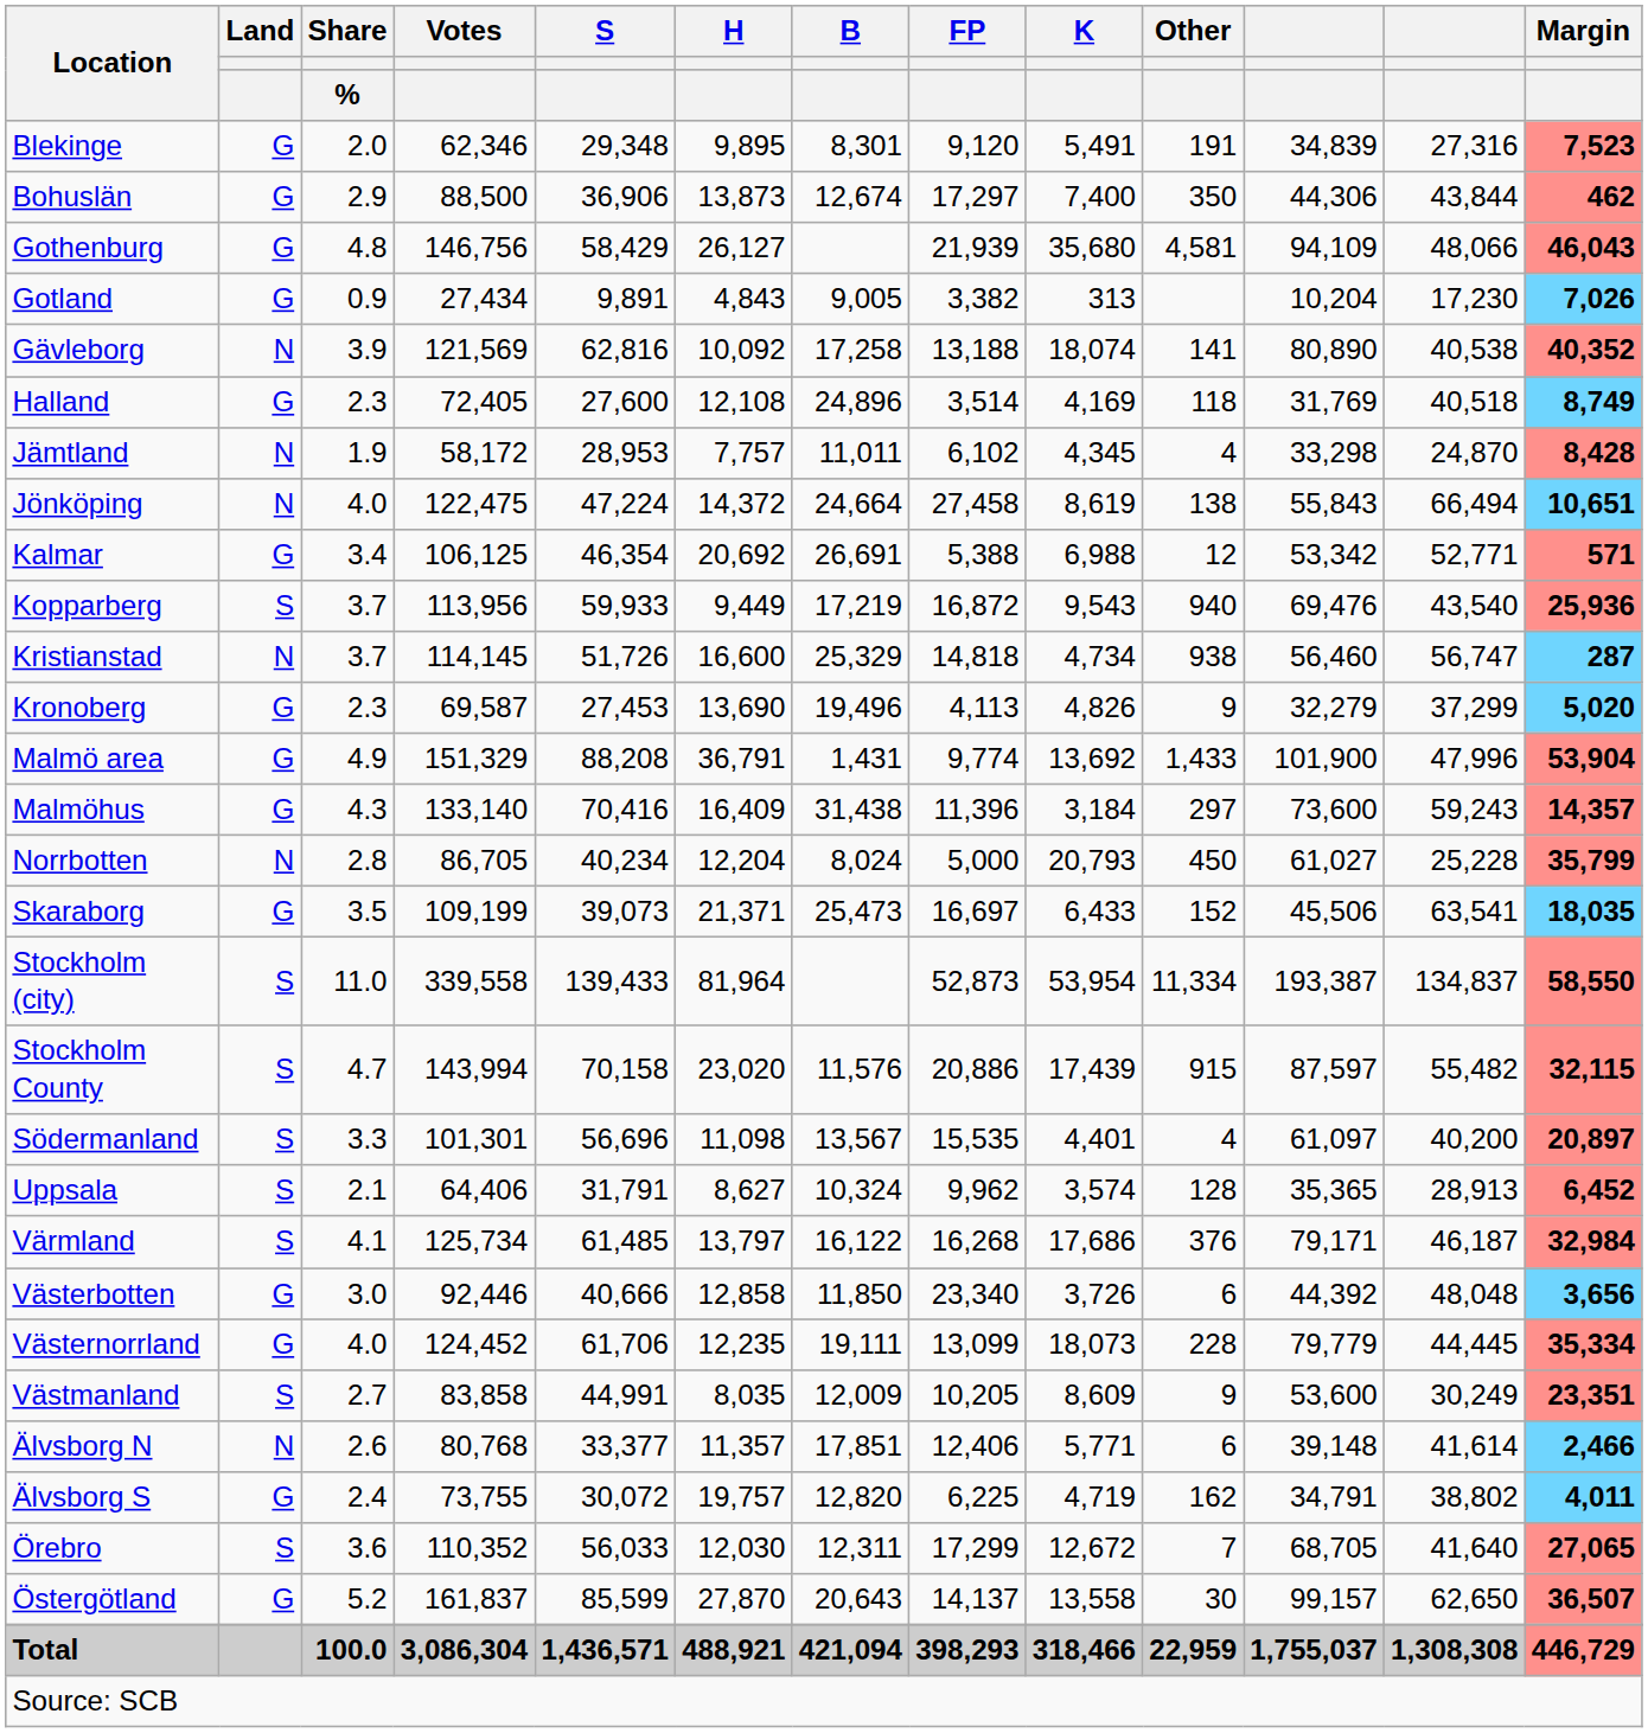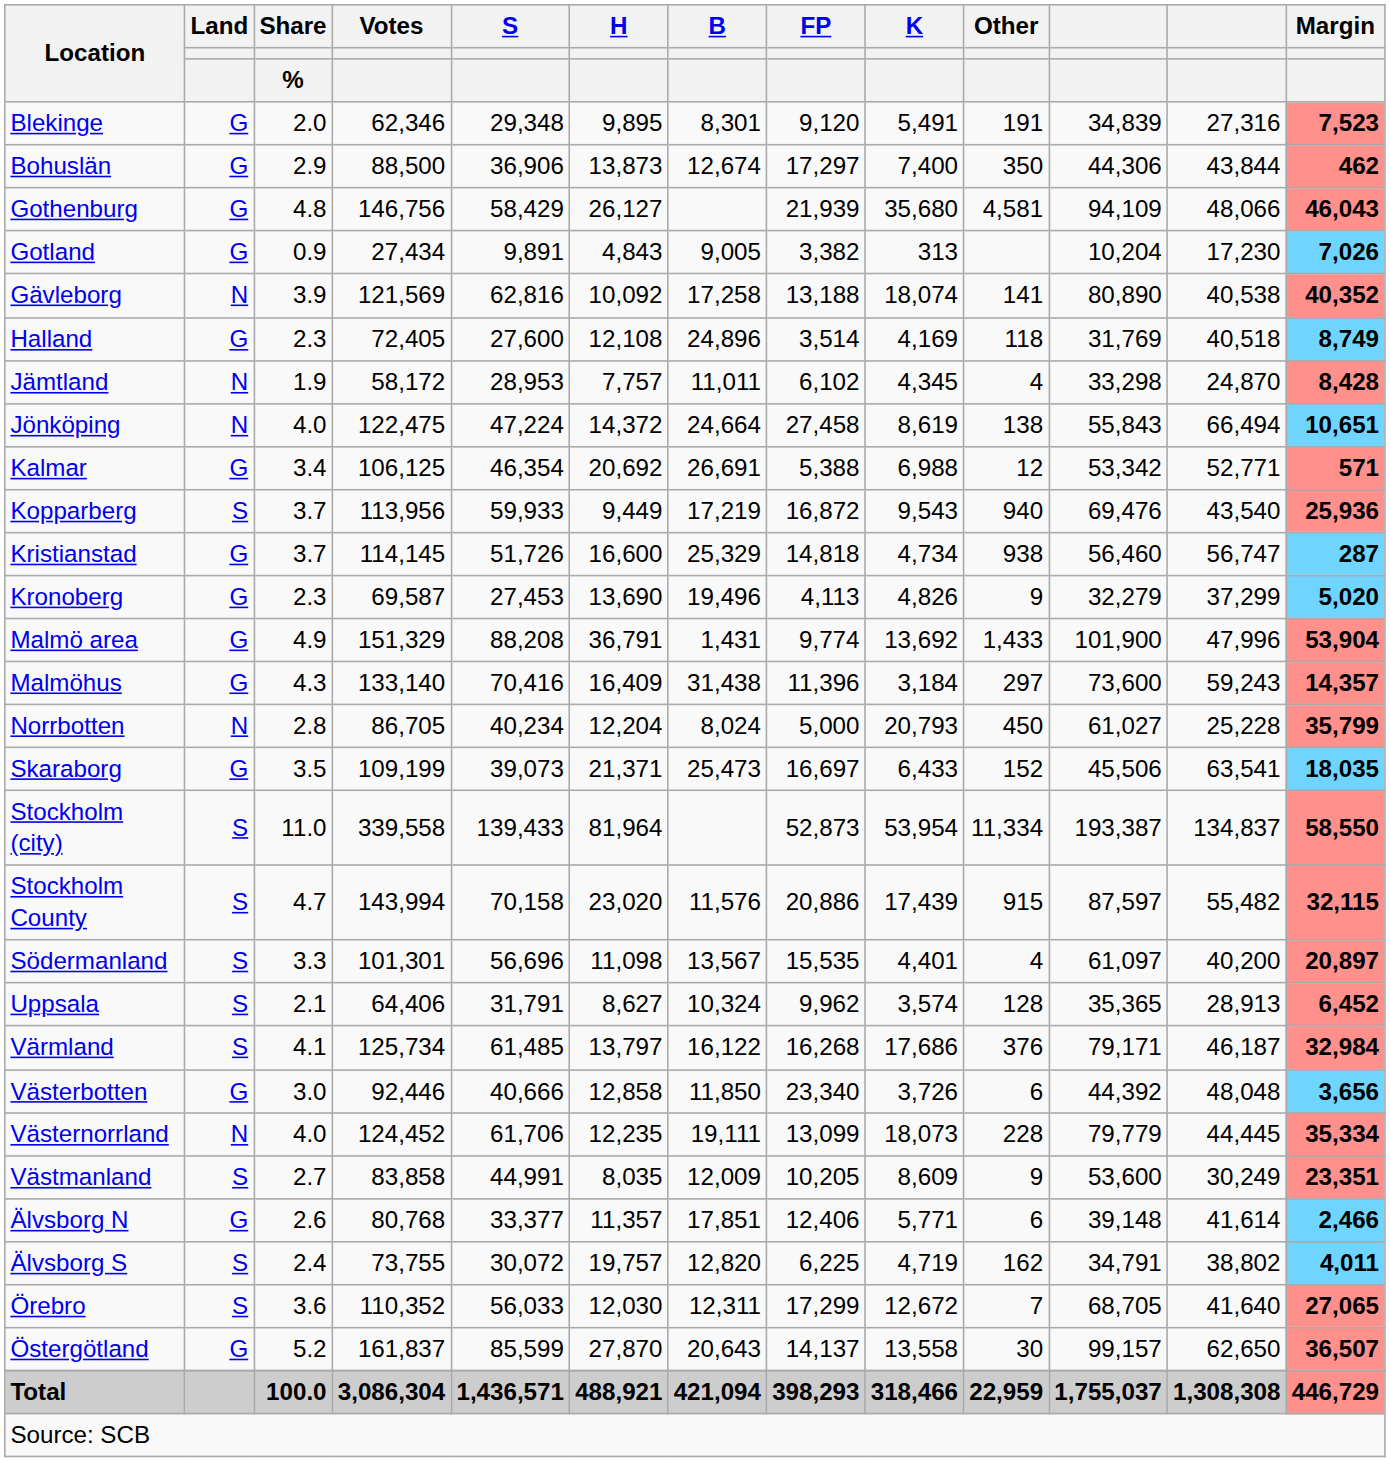 <table class="wikitable sortable" style="text-align:right; font-size:95%; line-height:20px;">
 <tr>
 <th rowspan="3">Location</th>
 <th>Land</th>
 <th>Share</th>
 <th>Votes</th>
 <th width="30px" class="unsortable"><a href='#'>S</a></th>
 <th width="30px" class="unsortable"><a href='#'>H</a></th>
 <th width="30px" class="unsortable"><a href='#'>B</a></th>
 <th width="30px" class="unsortable"><a href='#'>FP</a></th>
 <th width="30px" class="unsortable"><a href='#'>K</a></th>
 <th width="30px" class="unsortable">Other</th>
 <th></th>
 <th></th>
 <th>Margin</th>
 </tr>
 <tr>
 <th></th>
 <th></th>
 <th></th>
 <th style="background:"></th>
 <th style="background:"></th>
 <th style="background:"></th>
 <th style="background:"></th>
 <th style="background:"></th>
 <th style="background:"></th>
 <th style="background:"></th>
 <th style="background:"></th>
 <th></th>
 </tr>
 <tr>
 <th></th>
 <th data-sort-type="number">%</th>
 <th></th>
 <th data-sort-type="number"></th>
 <th data-sort-type="number"></th>
 <th data-sort-type="number"></th>
 <th data-sort-type="number"></th>
 <th data-sort-type="number"></th>
 <th data-sort-type="number"></th>
 <th data-sort-type="number"></th>
 <th data-sort-type="number"></th>
 <th></th>
 </tr>
 <tr>
 <td align=left><a href='#'>Blekinge</a></td>
 <td><a href='#'>G</a></td>
 <td>2.0</td>
 <td>62,346</td>
 <td>29,348</td>
 <td>9,895</td>
 <td>8,301</td>
 <td>9,120</td>
 <td>5,491</td>
 <td>191</td>
 <td>34,839</td>
 <td>27,316</td>
 <td bgcolor=#ff908c><strong>7,523</strong></td>
 </tr>
 <tr>
 <td align=left><a href='#'>Bohuslän</a></td>
 <td><a href='#'>G</a></td>
 <td>2.9</td>
 <td>88,500</td>
 <td>36,906</td>
 <td>13,873</td>
 <td>12,674</td>
 <td>17,297</td>
 <td>7,400</td>
 <td>350</td>
 <td>44,306</td>
 <td>43,844</td>
 <td bgcolor=#ff908c><strong>462</strong></td>
 </tr>
 <tr>
 <td align=left><a href='#'>Gothenburg</a></td>
 <td><a href='#'>G</a></td>
 <td>4.8</td>
 <td>146,756</td>
 <td>58,429</td>
 <td>26,127</td>
 <td></td>
 <td>21,939</td>
 <td>35,680</td>
 <td>4,581</td>
 <td>94,109</td>
 <td>48,066</td>
 <td bgcolor=#ff908c><strong>46,043</strong></td>
 </tr>
 <tr>
 <td align=left><a href='#'>Gotland</a></td>
 <td><a href='#'>G</a></td>
 <td>0.9</td>
 <td>27,434</td>
 <td>9,891</td>
 <td>4,843</td>
 <td>9,005</td>
 <td>3,382</td>
 <td>313</td>
 <td></td>
 <td>10,204</td>
 <td>17,230</td>
 <td bgcolor=#6fd5fe><strong>7,026</strong></td>
 </tr>
 <tr>
 <td align=left><a href='#'>Gävleborg</a></td>
 <td><a href='#'>N</a></td>
 <td>3.9</td>
 <td>121,569</td>
 <td>62,816</td>
 <td>10,092</td>
 <td>17,258</td>
 <td>13,188</td>
 <td>18,074</td>
 <td>141</td>
 <td>80,890</td>
 <td>40,538</td>
 <td bgcolor=#ff908c><strong>40,352</strong></td>
 </tr>
 <tr>
 <td align=left><a href='#'>Halland</a></td>
 <td><a href='#'>G</a></td>
 <td>2.3</td>
 <td>72,405</td>
 <td>27,600</td>
 <td>12,108</td>
 <td>24,896</td>
 <td>3,514</td>
 <td>4,169</td>
 <td>118</td>
 <td>31,769</td>
 <td>40,518</td>
 <td bgcolor=#6fd5fe><strong>8,749</strong></td>
 </tr>
 <tr>
 <td align=left><a href='#'>Jämtland</a></td>
 <td><a href='#'>N</a></td>
 <td>1.9</td>
 <td>58,172</td>
 <td>28,953</td>
 <td>7,757</td>
 <td>11,011</td>
 <td>6,102</td>
 <td>4,345</td>
 <td>4</td>
 <td>33,298</td>
 <td>24,870</td>
 <td bgcolor=#ff908c><strong>8,428</strong></td>
 </tr>
 <tr>
 <td align=left><a href='#'>Jönköping</a></td>
 <td><a href='#'>N</a></td>
 <td>4.0</td>
 <td>122,475</td>
 <td>47,224</td>
 <td>14,372</td>
 <td>24,664</td>
 <td>27,458</td>
 <td>8,619</td>
 <td>138</td>
 <td>55,843</td>
 <td>66,494</td>
 <td bgcolor=#6fd5fe><strong>10,651</strong></td>
 </tr>
 <tr>
 <td align=left><a href='#'>Kalmar</a></td>
 <td><a href='#'>G</a></td>
 <td>3.4</td>
 <td>106,125</td>
 <td>46,354</td>
 <td>20,692</td>
 <td>26,691</td>
 <td>5,388</td>
 <td>6,988</td>
 <td>12</td>
 <td>53,342</td>
 <td>52,771</td>
 <td bgcolor=#ff908c><strong>571</strong></td>
 </tr>
 <tr>
 <td align=left><a href='#'>Kopparberg</a></td>
 <td><a href='#'>S</a></td>
 <td>3.7</td>
 <td>113,956</td>
 <td>59,933</td>
 <td>9,449</td>
 <td>17,219</td>
 <td>16,872</td>
 <td>9,543</td>
 <td>940</td>
 <td>69,476</td>
 <td>43,540</td>
 <td bgcolor=#ff908c><strong>25,936</strong></td>
 </tr>
 <tr>
 <td align=left><a href='#'>Kristianstad</a></td>
-<td><a href='#'>N</a></td>
+<td><a href='#'>G</a></td>
 <td>3.7</td>
 <td>114,145</td>
 <td>51,726</td>
 <td>16,600</td>
 <td>25,329</td>
 <td>14,818</td>
 <td>4,734</td>
 <td>938</td>
 <td>56,460</td>
 <td>56,747</td>
 <td bgcolor=#6fd5fe><strong>287</strong></td>
 </tr>
 <tr>
 <td align=left><a href='#'>Kronoberg</a></td>
 <td><a href='#'>G</a></td>
 <td>2.3</td>
 <td>69,587</td>
 <td>27,453</td>
 <td>13,690</td>
 <td>19,496</td>
 <td>4,113</td>
 <td>4,826</td>
 <td>9</td>
 <td>32,279</td>
 <td>37,299</td>
 <td bgcolor=#6fd5fe><strong>5,020</strong></td>
 </tr>
 <tr>
 <td align=left><a href='#'>Malmö area</a></td>
 <td><a href='#'>G</a></td>
 <td>4.9</td>
 <td>151,329</td>
 <td>88,208</td>
 <td>36,791</td>
 <td>1,431</td>
 <td>9,774</td>
 <td>13,692</td>
 <td>1,433</td>
 <td>101,900</td>
 <td>47,996</td>
 <td bgcolor=#ff908c><strong>53,904</strong></td>
 </tr>
 <tr>
 <td align=left><a href='#'>Malmöhus</a></td>
 <td><a href='#'>G</a></td>
 <td>4.3</td>
 <td>133,140</td>
 <td>70,416</td>
 <td>16,409</td>
 <td>31,438</td>
 <td>11,396</td>
 <td>3,184</td>
 <td>297</td>
 <td>73,600</td>
 <td>59,243</td>
 <td bgcolor=#ff908c><strong>14,357</strong></td>
 </tr>
 <tr>
 <td align=left><a href='#'>Norrbotten</a></td>
 <td><a href='#'>N</a></td>
 <td>2.8</td>
 <td>86,705</td>
 <td>40,234</td>
 <td>12,204</td>
 <td>8,024</td>
 <td>5,000</td>
 <td>20,793</td>
 <td>450</td>
 <td>61,027</td>
 <td>25,228</td>
 <td bgcolor=#ff908c><strong>35,799</strong></td>
 </tr>
 <tr>
 <td align=left><a href='#'>Skaraborg</a></td>
 <td><a href='#'>G</a></td>
 <td>3.5</td>
 <td>109,199</td>
 <td>39,073</td>
 <td>21,371</td>
 <td>25,473</td>
 <td>16,697</td>
 <td>6,433</td>
 <td>152</td>
 <td>45,506</td>
 <td>63,541</td>
 <td bgcolor=#6fd5fe><strong>18,035</strong></td>
 </tr>
 <tr>
 <td align=left><a href='#'>Stockholm (city)</a></td>
 <td><a href='#'>S</a></td>
 <td>11.0</td>
 <td>339,558</td>
 <td>139,433</td>
 <td>81,964</td>
 <td></td>
 <td>52,873</td>
 <td>53,954</td>
 <td>11,334</td>
 <td>193,387</td>
 <td>134,837</td>
 <td bgcolor=#ff908c><strong>58,550</strong></td>
 </tr>
 <tr>
 <td align=left><a href='#'>Stockholm County</a></td>
 <td><a href='#'>S</a></td>
 <td>4.7</td>
 <td>143,994</td>
 <td>70,158</td>
 <td>23,020</td>
 <td>11,576</td>
 <td>20,886</td>
 <td>17,439</td>
 <td>915</td>
 <td>87,597</td>
 <td>55,482</td>
 <td bgcolor=#ff908c><strong>32,115</strong></td>
 </tr>
 <tr>
 <td align=left><a href='#'>Södermanland</a></td>
 <td><a href='#'>S</a></td>
 <td>3.3</td>
 <td>101,301</td>
 <td>56,696</td>
 <td>11,098</td>
 <td>13,567</td>
 <td>15,535</td>
 <td>4,401</td>
 <td>4</td>
 <td>61,097</td>
 <td>40,200</td>
 <td bgcolor=#ff908c><strong>20,897</strong></td>
 </tr>
 <tr>
 <td align=left><a href='#'>Uppsala</a></td>
 <td><a href='#'>S</a></td>
 <td>2.1</td>
 <td>64,406</td>
 <td>31,791</td>
 <td>8,627</td>
 <td>10,324</td>
 <td>9,962</td>
 <td>3,574</td>
 <td>128</td>
 <td>35,365</td>
 <td>28,913</td>
 <td bgcolor=#ff908c><strong>6,452</strong></td>
 </tr>
 <tr>
 <td align=left><a href='#'>Värmland</a></td>
 <td><a href='#'>S</a></td>
 <td>4.1</td>
 <td>125,734</td>
 <td>61,485</td>
 <td>13,797</td>
 <td>16,122</td>
 <td>16,268</td>
 <td>17,686</td>
 <td>376</td>
 <td>79,171</td>
 <td>46,187</td>
 <td bgcolor=#ff908c><strong>32,984</strong></td>
 </tr>
 <tr>
 <td align=left><a href='#'>Västerbotten</a></td>
 <td><a href='#'>G</a></td>
 <td>3.0</td>
 <td>92,446</td>
 <td>40,666</td>
 <td>12,858</td>
 <td>11,850</td>
 <td>23,340</td>
 <td>3,726</td>
 <td>6</td>
 <td>44,392</td>
 <td>48,048</td>
 <td bgcolor=#6fd5fe><strong>3,656</strong></td>
 </tr>
 <tr>
 <td align=left><a href='#'>Västernorrland</a></td>
-<td><a href='#'>G</a></td>
+<td><a href='#'>N</a></td>
 <td>4.0</td>
 <td>124,452</td>
 <td>61,706</td>
 <td>12,235</td>
 <td>19,111</td>
 <td>13,099</td>
 <td>18,073</td>
 <td>228</td>
 <td>79,779</td>
 <td>44,445</td>
 <td bgcolor=#ff908c><strong>35,334</strong></td>
 </tr>
 <tr>
 <td align=left><a href='#'>Västmanland</a></td>
 <td><a href='#'>S</a></td>
 <td>2.7</td>
 <td>83,858</td>
 <td>44,991</td>
 <td>8,035</td>
 <td>12,009</td>
 <td>10,205</td>
 <td>8,609</td>
 <td>9</td>
 <td>53,600</td>
 <td>30,249</td>
 <td bgcolor=#ff908c><strong>23,351</strong></td>
 </tr>
 <tr>
 <td align=left><a href='#'>Älvsborg N</a></td>
-<td><a href='#'>N</a></td>
+<td><a href='#'>G</a></td>
 <td>2.6</td>
 <td>80,768</td>
 <td>33,377</td>
 <td>11,357</td>
 <td>17,851</td>
 <td>12,406</td>
 <td>5,771</td>
 <td>6</td>
 <td>39,148</td>
 <td>41,614</td>
 <td bgcolor=#6fd5fe><strong>2,466</strong></td>
 </tr>
 <tr>
 <td align=left><a href='#'>Älvsborg S</a></td>
-<td><a href='#'>G</a></td>
+<td><a href='#'>S</a></td>
 <td>2.4</td>
 <td>73,755</td>
 <td>30,072</td>
 <td>19,757</td>
 <td>12,820</td>
 <td>6,225</td>
 <td>4,719</td>
 <td>162</td>
 <td>34,791</td>
 <td>38,802</td>
 <td bgcolor=#6fd5fe><strong>4,011</strong></td>
 </tr>
 <tr>
 <td align=left><a href='#'>Örebro</a></td>
 <td><a href='#'>S</a></td>
 <td>3.6</td>
 <td>110,352</td>
 <td>56,033</td>
 <td>12,030</td>
 <td>12,311</td>
 <td>17,299</td>
 <td>12,672</td>
 <td>7</td>
 <td>68,705</td>
 <td>41,640</td>
 <td bgcolor=#ff908c><strong>27,065</strong></td>
 </tr>
 <tr>
 <td align=left><a href='#'>Östergötland</a></td>
 <td><a href='#'>G</a></td>
 <td>5.2</td>
 <td>161,837</td>
 <td>85,599</td>
 <td>27,870</td>
 <td>20,643</td>
 <td>14,137</td>
 <td>13,558</td>
 <td>30</td>
 <td>99,157</td>
 <td>62,650</td>
 <td bgcolor=#ff908c><strong>36,507</strong></td>
 </tr>
 <tr>
 </tr>
 <tr style="background:#CDCDCD;">
 <td align=left><strong>Total</strong></td>
 <td></td>
 <td><strong>100.0</strong></td>
 <td><strong>3,086,304</strong></td>
 <td><strong>1,436,571</strong></td>
 <td><strong>488,921</strong></td>
 <td><strong>421,094</strong></td>
 <td><strong>398,293</strong></td>
 <td><strong>318,466</strong></td>
 <td><strong>22,959</strong></td>
 <td><strong>1,755,037</strong></td>
 <td><strong>1,308,308</strong></td>
 <td bgcolor=#ff908c><strong>446,729</strong></td>
 </tr>
 <tr>
 <td align=left colspan=14>Source: SCB </td>
 </tr>
 </table>
